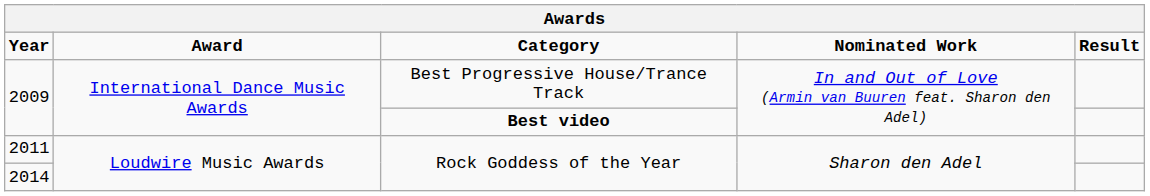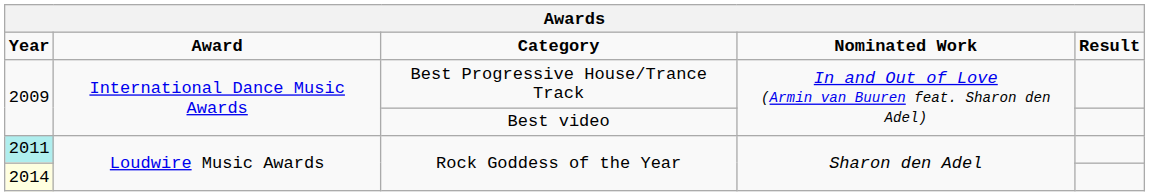 <table class="wikitable">
 <tr>
 <th colspan="5" align="center">Awards</th>
 </tr>
 <tr>
 <td align="center"><strong>Year</strong></td>
 <td align="center"><strong>Award</strong></td>
 <td align="center"><strong>Category</strong></td>
 <td align="center"><strong>Nominated Work</strong></td>
 <td><strong>Result</strong></td>
 </tr>
 <tr>
 <td align="center" rowspan="2">2009</td>
 <td align="center" rowspan="2"><a href='#'>International Dance Music Awards</a></td>
 <td align="center">Best Progressive House/Trance Track</td>
 <td align="center" rowspan="2"><em><a href='#'>In and Out of Love</a><br><small>(<a href='#'>Armin van Buuren</a> feat. Sharon den Adel)</small></em></td>
 <td></td>
 </tr>
 <tr>
-<td align="center"><strong>Best video</strong></td>
+<td align="center">Best video</td>
 <td></td>
 </tr>
 <tr>
-<td>2011</td>
+<td style="background: paleturquoise;">2011</td>
 <td align="center" rowspan="2"><a href='#'>Loudwire</a> Music Awards</td>
 <td align="center" rowspan="2">Rock Goddess of the Year</td>
 <td align="center" rowspan="2"><em>Sharon den Adel</em></td>
 <td></td>
 </tr>
 <tr>
-<td>2014</td>
+<td style="background: lightyellow;">2014</td>
 <td></td>
 </tr>
 </table>
